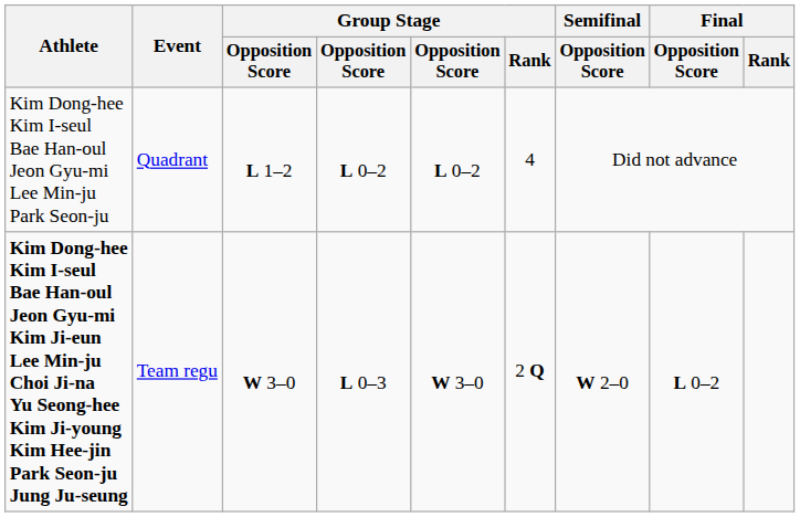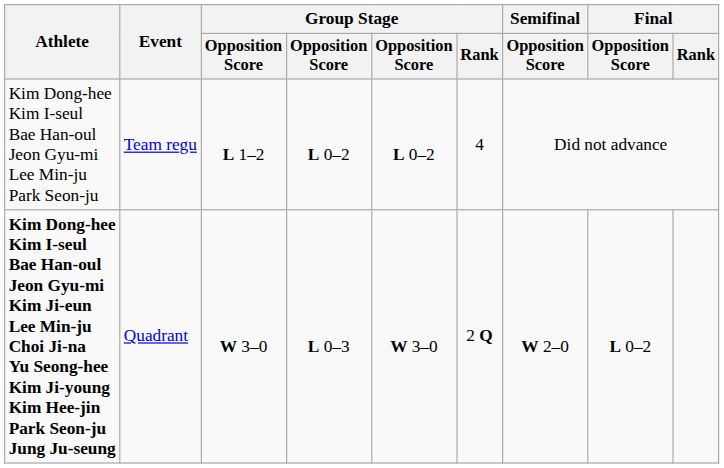 <table class=wikitable style=font-size:90%;text-align:center>
 <tr>
 <th rowspan="2">Athlete</th>
 <th rowspan="2">Event</th>
 <th colspan=4>Group Stage</th>
 <th>Semifinal</th>
 <th colspan=2>Final</th>
 </tr>
 <tr style="font-size:95%">
 <th>Opposition<br>Score</th>
 <th>Opposition<br>Score</th>
 <th>Opposition<br>Score</th>
 <th>Rank</th>
 <th>Opposition<br>Score</th>
 <th>Opposition<br>Score</th>
 <th>Rank</th>
 </tr>
 <tr>
 <td align=left>Kim Dong-hee<br>Kim I-seul<br>Bae Han-oul<br>Jeon Gyu-mi<br>Lee Min-ju<br>Park Seon-ju</td>
-<td align=left><a href='#'>Quadrant</a></td>
+<td align=left><a href='#'>Team regu</a></td>
 <td><br><strong>L</strong> 1–2</td>
 <td><br><strong>L</strong> 0–2</td>
 <td><br><strong>L</strong> 0–2</td>
 <td>4</td>
 <td colspan=3>Did not advance</td>
 </tr>
 <tr>
 <td align=left><strong>Kim Dong-hee<br>Kim I-seul<br>Bae Han-oul<br>Jeon Gyu-mi<br>Kim Ji-eun<br>Lee Min-ju<br>Choi Ji-na<br>Yu Seong-hee<br>Kim Ji-young<br>Kim Hee-jin<br>Park Seon-ju<br>Jung Ju-seung</strong></td>
-<td align=left><a href='#'>Team regu</a></td>
+<td align=left><a href='#'>Quadrant</a></td>
 <td><br><strong>W</strong> 3–0</td>
 <td><br><strong>L</strong> 0–3</td>
 <td><br><strong>W</strong> 3–0</td>
 <td>2 <strong>Q</strong></td>
 <td><br><strong>W</strong> 2–0</td>
 <td><br><strong>L</strong> 0–2</td>
 <td></td>
 </tr>
 </table>
